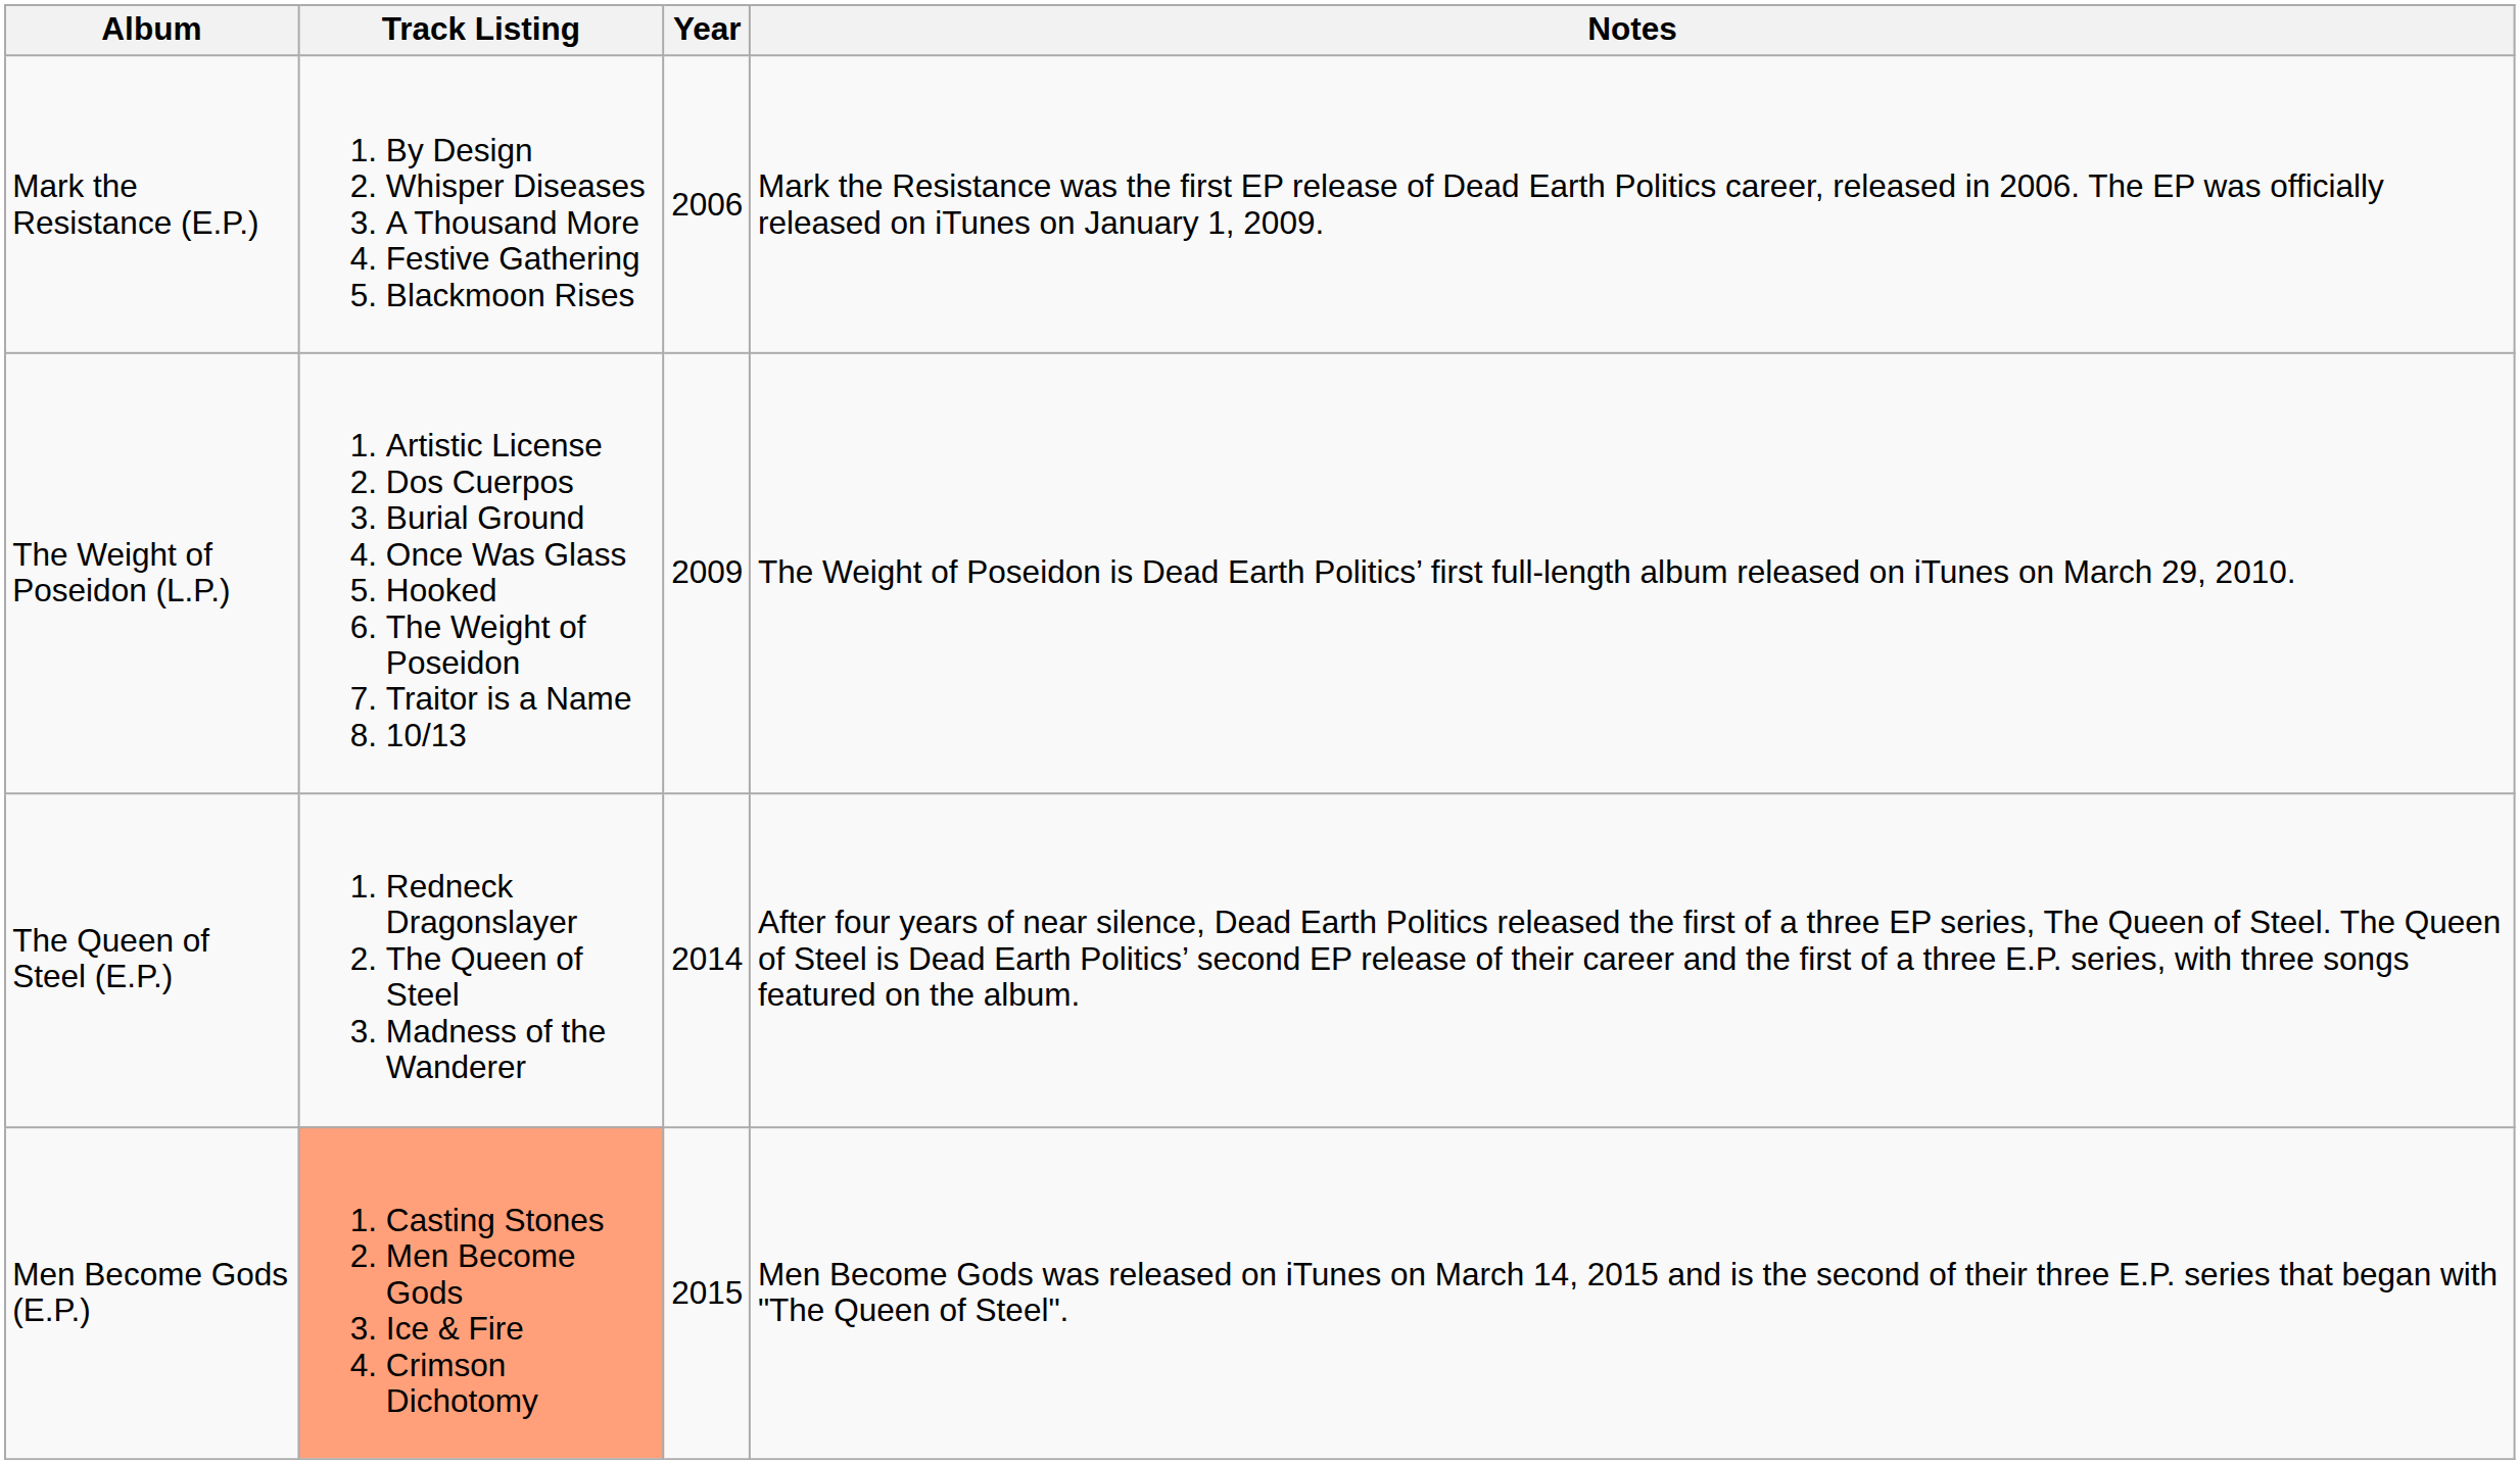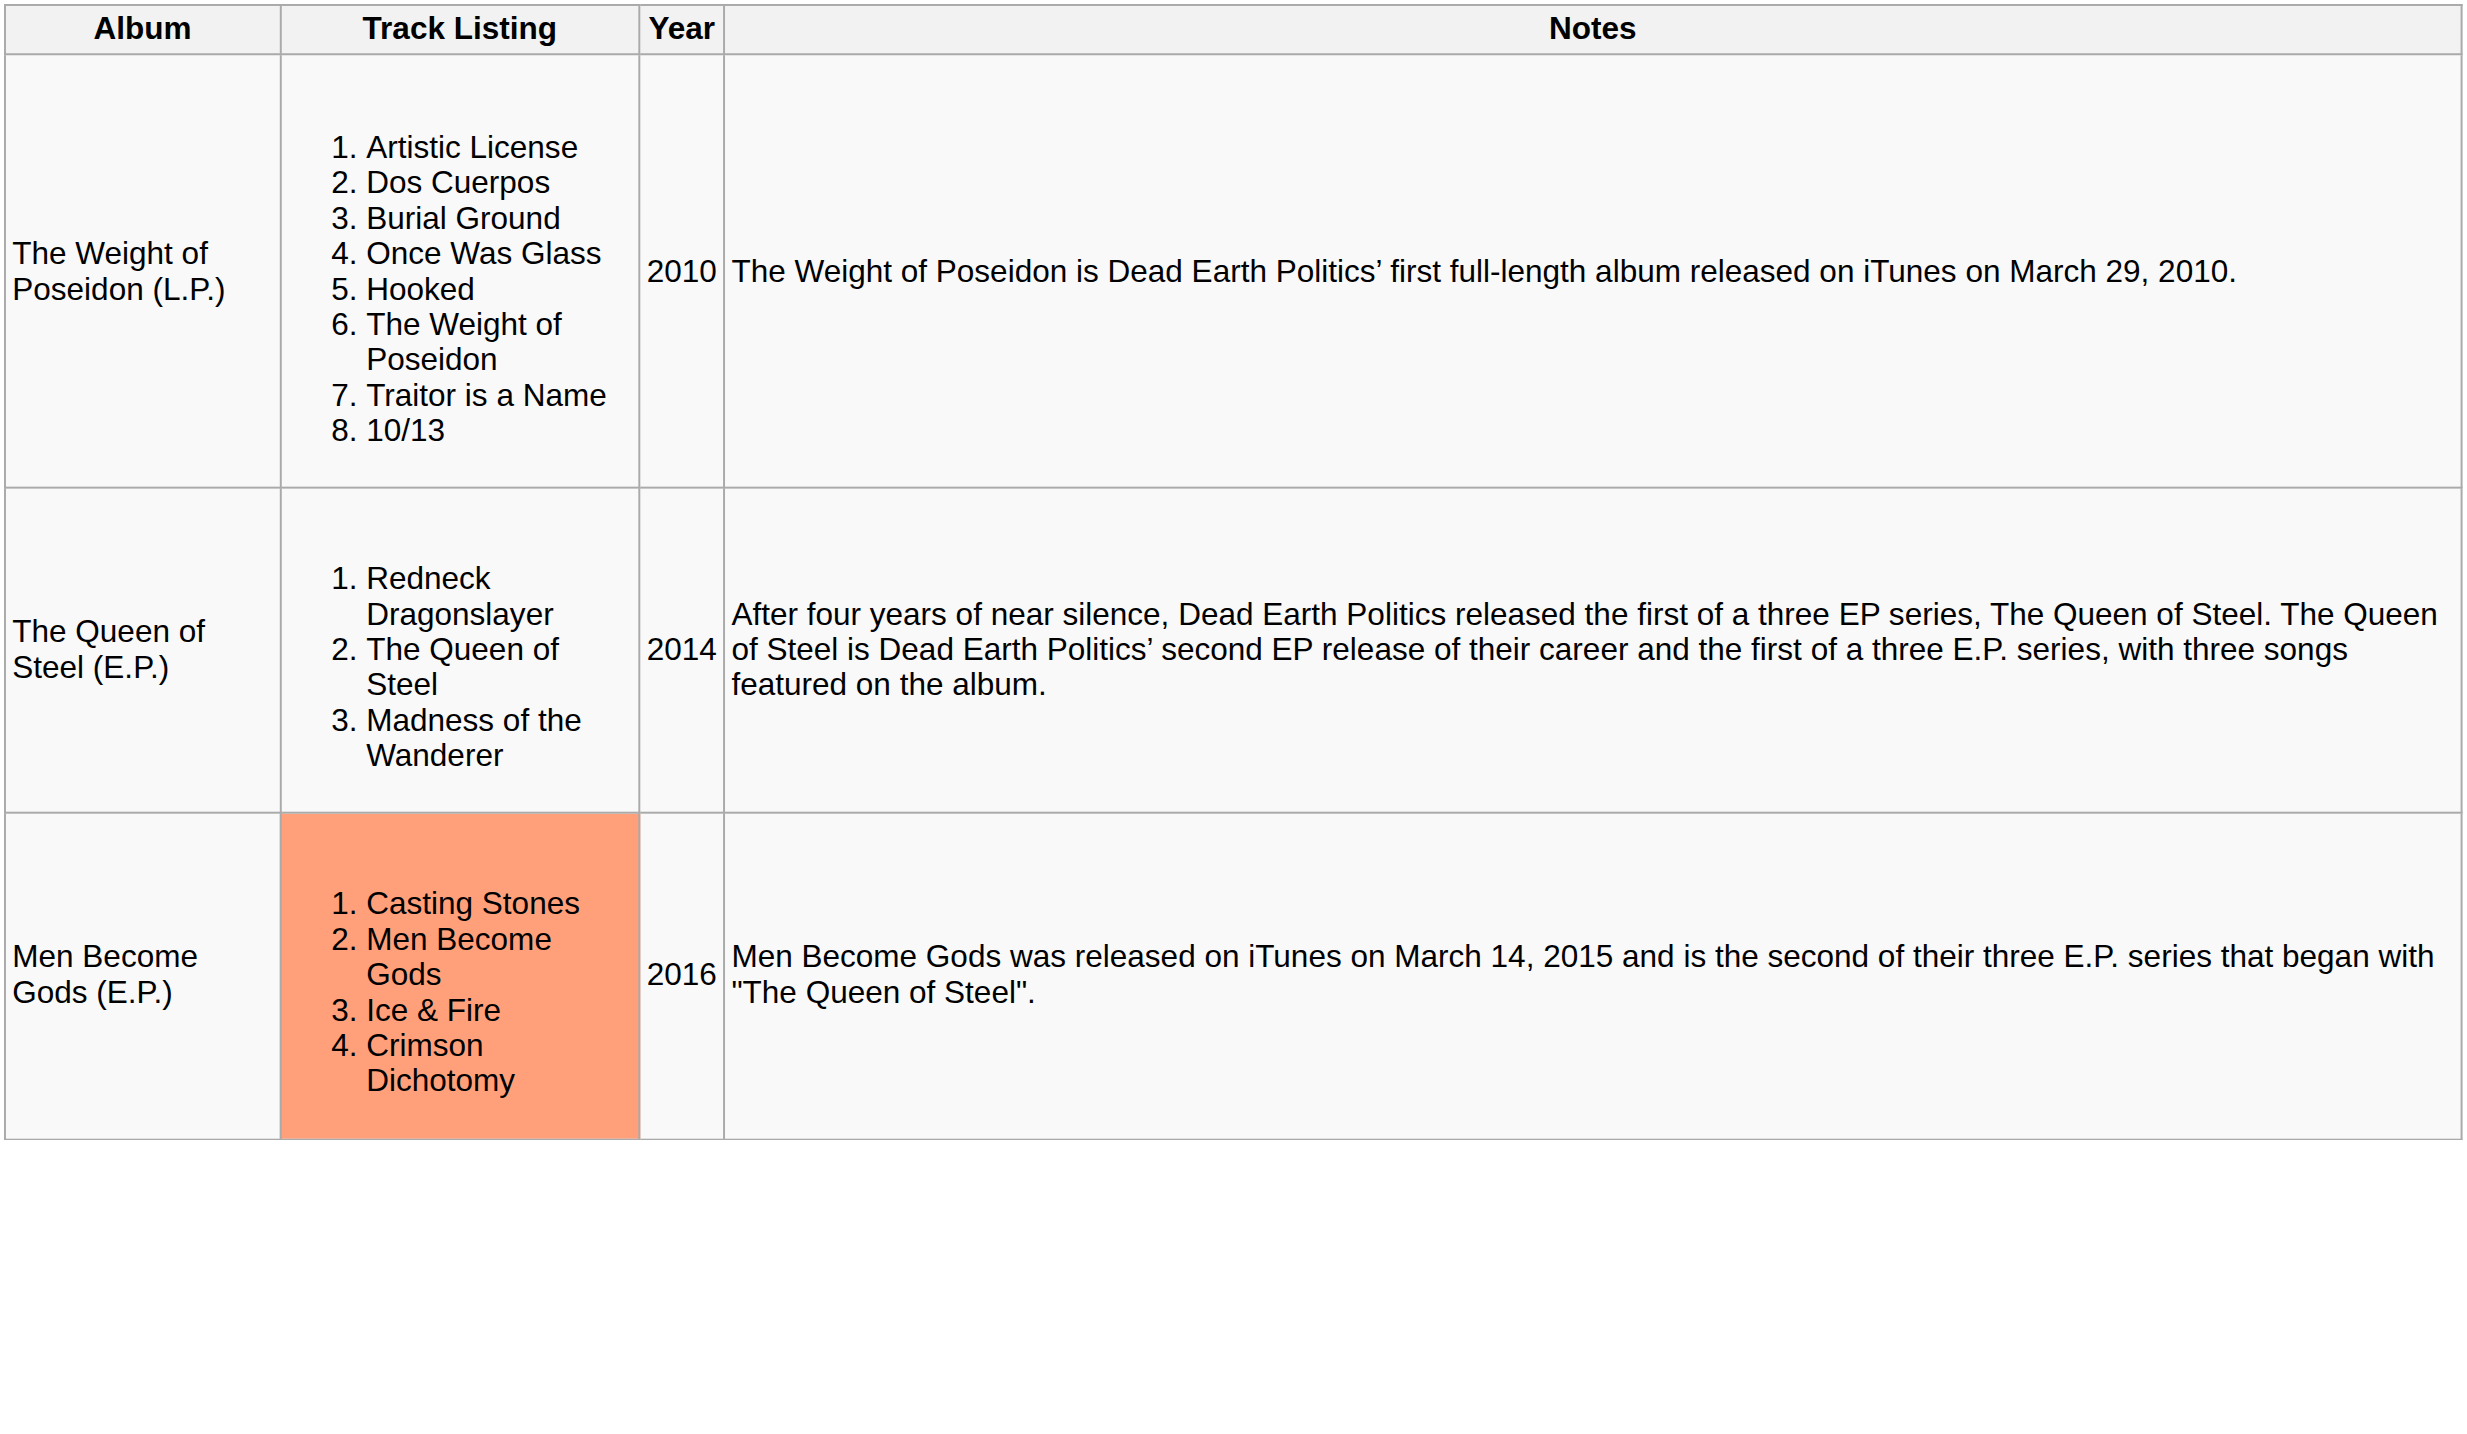 <table class="wikitable">
 <tr>
 <th>Album</th>
 <th>Track Listing</th>
 <th>Year</th>
 <th>Notes</th>
 </tr>
 <tr>
-<td>Mark the Resistance (E.P.)</td>
-<td><br><ol><li>By Design</li><li>Whisper Diseases</li><li>A Thousand More</li><li>Festive Gathering</li><li>Blackmoon Rises</li></ol></td>
-<td>2006</td>
-<td>Mark the Resistance was the first EP release of Dead Earth Politics career, released in 2006. The EP was officially released on iTunes on January 1, 2009.</td>
-</tr>
-<tr>
 <td>The Weight of Poseidon (L.P.)</td>
 <td><br><ol><li>Artistic License</li><li>Dos Cuerpos</li><li>Burial Ground</li><li>Once Was Glass</li><li>Hooked</li><li>The Weight of Poseidon</li><li>Traitor is a Name</li><li>10/13</li></ol></td>
-<td>2009</td>
+<td>2010</td>
 <td>The Weight of Poseidon is Dead Earth Politics’ first full-length album released on iTunes on March 29, 2010.</td>
 </tr>
 <tr>
 <td>The Queen of Steel (E.P.)</td>
 <td><br><ol><li>Redneck Dragonslayer</li><li>The Queen of Steel</li><li>Madness of the Wanderer</li></ol></td>
 <td>2014</td>
 <td>After four years of near silence, Dead Earth Politics released the first of a three EP series, The Queen of Steel. The Queen of Steel is Dead Earth Politics’ second EP release of their career and the first of a three E.P. series, with three songs featured on the album.</td>
 </tr>
 <tr>
 <td>Men Become Gods (E.P.)</td>
 <td style="background: lightsalmon;"><br><ol><li>Casting Stones</li><li>Men Become Gods</li><li>Ice & Fire</li><li>Crimson Dichotomy</li></ol></td>
-<td>2015</td>
+<td>2016</td>
 <td>Men Become Gods was released on iTunes on March 14, 2015 and is the second of their three E.P. series that began with "The Queen of Steel".</td>
 </tr>
 </table>
